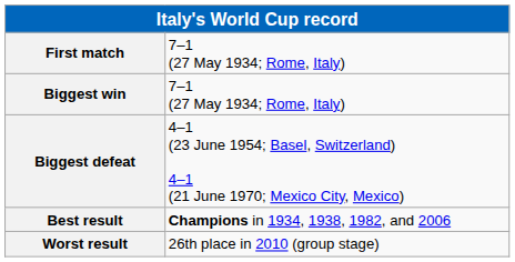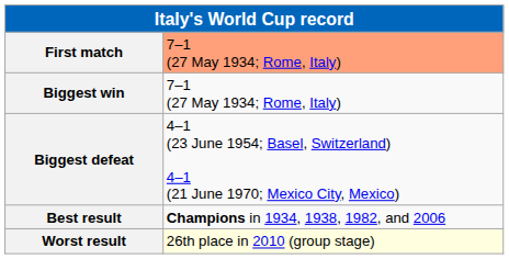 <table class="wikitable collapsible collapsed" style="width:35%;font-size:80%">
 <tr style="color:white">
 <th style="background:#0066bc;width:20%" colspan="6"><big>Italy's World Cup record</big></th>
 </tr>
 <tr>
 <th width=10%>First match</th>
-<td width=23%><div> 7–1 <br> (27 May 1934; <a href='#'>Rome</a>, <a href='#'>Italy</a>)</div></td>
+<td width=23% style="background: lightsalmon;"><div> 7–1 <br> (27 May 1934; <a href='#'>Rome</a>, <a href='#'>Italy</a>)</div></td>
 </tr>
 <tr>
 <th width=10%>Biggest win</th>
 <td width=23%><div> 7–1 <br> (27 May 1934; <a href='#'>Rome</a>, <a href='#'>Italy</a>)</div></td>
 </tr>
 <tr>
 <th width=10%>Biggest defeat</th>
 <td width=23%><div> 4–1 <br> (23 June 1954; <a href='#'>Basel</a>, <a href='#'>Switzerland</a>)</div><br><div> <a href='#'>4–1</a> <br> (21 June 1970; <a href='#'>Mexico City</a>, <a href='#'>Mexico</a>)</div></td>
 </tr>
 <tr>
 <th width=10%>Best result</th>
 <td width=23%><div><strong>Champions</strong> in <a href='#'>1934</a>, <a href='#'>1938</a>, <a href='#'>1982</a>, and <a href='#'>2006</a></div></td>
 </tr>
 <tr>
 <th width=10%>Worst result</th>
-<td width=23%><div>26th place in <a href='#'>2010</a> (group stage)</div></td>
+<td width=23% style="background: lightyellow;"><div>26th place in <a href='#'>2010</a> (group stage)</div></td>
 </tr>
 </table>
